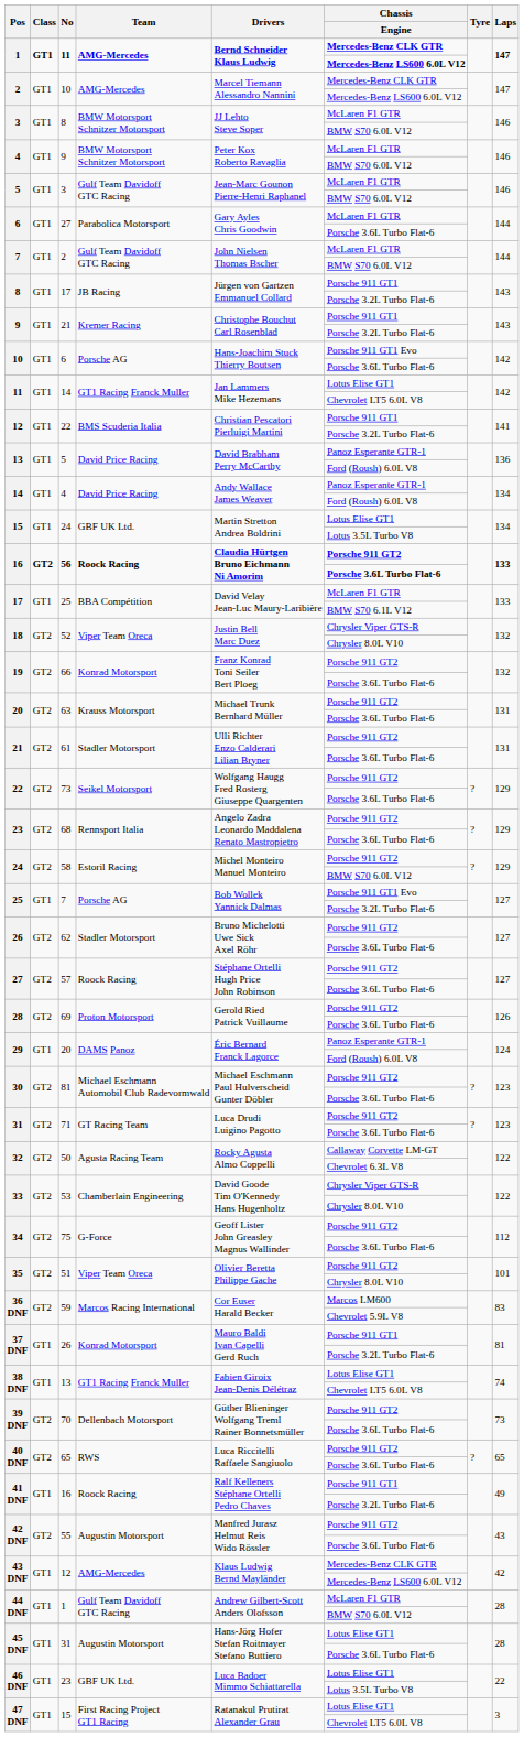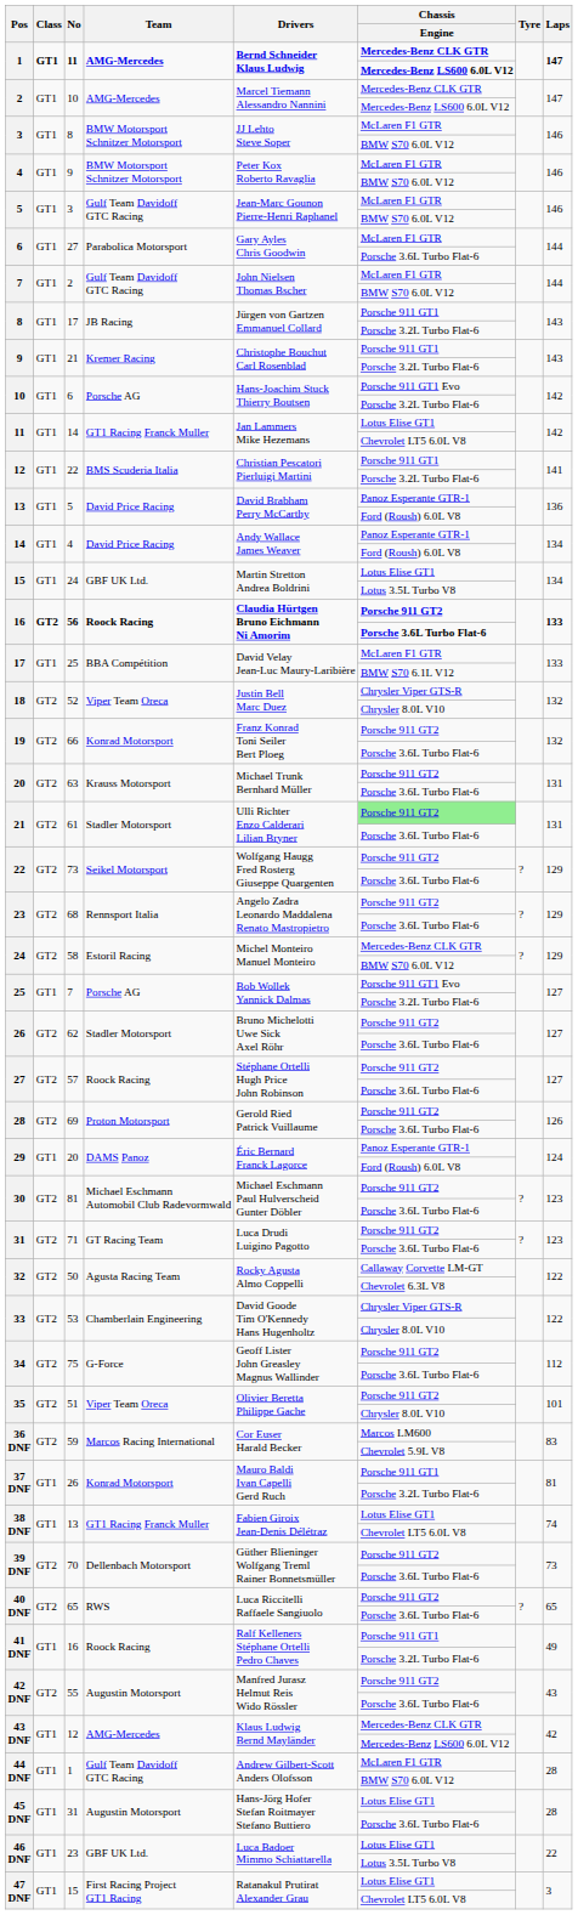 <table class="wikitable" style="font-size: 95%;">
 <tr>
 <th rowspan=2>Pos</th>
 <th rowspan=2>Class</th>
 <th rowspan=2>No</th>
 <th rowspan=2>Team</th>
 <th rowspan=2>Drivers</th>
 <th>Chassis</th>
 <th rowspan=2>Tyre</th>
 <th rowspan=2>Laps</th>
 </tr>
 <tr>
 <th>Engine</th>
 </tr>
 <tr style="font-weight:bold">
 <th rowspan=2>1</th>
 <td rowspan=2>GT1</td>
 <td rowspan=2>11</td>
 <td rowspan=2> <a href='#'>AMG-Mercedes</a></td>
 <td rowspan=2> <a href='#'>Bernd Schneider</a><br> <a href='#'>Klaus Ludwig</a></td>
 <td><a href='#'>Mercedes-Benz CLK GTR</a></td>
 <td rowspan=2></td>
 <td rowspan=2>147</td>
 </tr>
 <tr style="font-weight:bold">
 <td><a href='#'>Mercedes-Benz</a> <a href='#'>LS600</a> 6.0L V12</td>
 </tr>
 <tr>
 <th rowspan=2>2</th>
 <td rowspan=2>GT1</td>
 <td rowspan=2>10</td>
 <td rowspan=2> <a href='#'>AMG-Mercedes</a></td>
 <td rowspan=2> <a href='#'>Marcel Tiemann</a><br> <a href='#'>Alessandro Nannini</a></td>
 <td><a href='#'>Mercedes-Benz CLK GTR</a></td>
 <td rowspan=2></td>
 <td rowspan=2>147</td>
 </tr>
 <tr>
 <td><a href='#'>Mercedes-Benz</a> <a href='#'>LS600</a> 6.0L V12</td>
 </tr>
 <tr>
 <th rowspan=2>3</th>
 <td rowspan=2>GT1</td>
 <td rowspan=2>8</td>
 <td rowspan=2> <a href='#'>BMW Motorsport</a><br> <a href='#'>Schnitzer Motorsport</a></td>
 <td rowspan=2> <a href='#'>JJ Lehto</a><br> <a href='#'>Steve Soper</a></td>
 <td><a href='#'>McLaren F1 GTR</a></td>
 <td rowspan=2></td>
 <td rowspan=2>146</td>
 </tr>
 <tr>
 <td><a href='#'>BMW</a> <a href='#'>S70</a> 6.0L V12</td>
 </tr>
 <tr>
 <th rowspan=2>4</th>
 <td rowspan=2>GT1</td>
 <td rowspan=2>9</td>
 <td rowspan=2> <a href='#'>BMW Motorsport</a><br> <a href='#'>Schnitzer Motorsport</a></td>
 <td rowspan=2> <a href='#'>Peter Kox</a><br> <a href='#'>Roberto Ravaglia</a></td>
 <td><a href='#'>McLaren F1 GTR</a></td>
 <td rowspan=2></td>
 <td rowspan=2>146</td>
 </tr>
 <tr>
 <td><a href='#'>BMW</a> <a href='#'>S70</a> 6.0L V12</td>
 </tr>
 <tr>
 <th rowspan=2>5</th>
 <td rowspan=2>GT1</td>
 <td rowspan=2>3</td>
 <td rowspan=2> <a href='#'>Gulf</a> Team <a href='#'>Davidoff</a><br> GTC Racing</td>
 <td rowspan=2> <a href='#'>Jean-Marc Gounon</a><br> <a href='#'>Pierre-Henri Raphanel</a></td>
 <td><a href='#'>McLaren F1 GTR</a></td>
 <td rowspan=2></td>
 <td rowspan=2>146</td>
 </tr>
 <tr>
 <td><a href='#'>BMW</a> <a href='#'>S70</a> 6.0L V12</td>
 </tr>
 <tr>
 <th rowspan=2>6</th>
 <td rowspan=2>GT1</td>
 <td rowspan=2>27</td>
 <td rowspan=2> Parabolica Motorsport</td>
 <td rowspan=2> <a href='#'>Gary Ayles</a><br> <a href='#'>Chris Goodwin</a></td>
 <td><a href='#'>McLaren F1 GTR</a></td>
 <td rowspan=2></td>
 <td rowspan=2>144</td>
 </tr>
 <tr>
 <td><a href='#'>Porsche</a> 3.6L Turbo Flat-6</td>
 </tr>
 <tr>
 <th rowspan=2>7</th>
 <td rowspan=2>GT1</td>
 <td rowspan=2>2</td>
 <td rowspan=2> <a href='#'>Gulf</a> Team <a href='#'>Davidoff</a><br> GTC Racing</td>
 <td rowspan=2> <a href='#'>John Nielsen</a><br> <a href='#'>Thomas Bscher</a></td>
 <td><a href='#'>McLaren F1 GTR</a></td>
 <td rowspan=2></td>
 <td rowspan=2>144</td>
 </tr>
 <tr>
 <td><a href='#'>BMW</a> <a href='#'>S70</a> 6.0L V12</td>
 </tr>
 <tr>
 <th rowspan=2>8</th>
 <td rowspan=2>GT1</td>
 <td rowspan=2>17</td>
 <td rowspan=2> JB Racing</td>
 <td rowspan=2> Jürgen von Gartzen<br> <a href='#'>Emmanuel Collard</a></td>
 <td><a href='#'>Porsche 911 GT1</a></td>
 <td rowspan=2></td>
 <td rowspan=2>143</td>
 </tr>
 <tr>
 <td><a href='#'>Porsche</a> 3.2L Turbo Flat-6</td>
 </tr>
 <tr>
 <th rowspan=2>9</th>
 <td rowspan=2>GT1</td>
 <td rowspan=2>21</td>
 <td rowspan=2> <a href='#'>Kremer Racing</a></td>
 <td rowspan=2> <a href='#'>Christophe Bouchut</a><br> <a href='#'>Carl Rosenblad</a></td>
 <td><a href='#'>Porsche 911 GT1</a></td>
 <td rowspan=2></td>
 <td rowspan=2>143</td>
 </tr>
 <tr>
 <td><a href='#'>Porsche</a> 3.2L Turbo Flat-6</td>
 </tr>
 <tr>
 <th rowspan=2>10</th>
 <td rowspan=2>GT1</td>
 <td rowspan=2>6</td>
 <td rowspan=2> <a href='#'>Porsche</a> AG</td>
 <td rowspan=2> <a href='#'>Hans-Joachim Stuck</a><br> <a href='#'>Thierry Boutsen</a></td>
 <td><a href='#'>Porsche 911 GT1</a> Evo</td>
 <td rowspan=2></td>
 <td rowspan=2>142</td>
 </tr>
 <tr>
-<td><a href='#'>Porsche</a> 3.6L Turbo Flat-6</td>
+<td><a href='#'>Porsche</a> 3.2L Turbo Flat-6</td>
 </tr>
 <tr>
 <th rowspan=2>11</th>
 <td rowspan=2>GT1</td>
 <td rowspan=2>14</td>
 <td rowspan=2> <a href='#'>GT1 Racing</a> <a href='#'>Franck Muller</a></td>
 <td rowspan=2> <a href='#'>Jan Lammers</a><br> Mike Hezemans</td>
 <td><a href='#'>Lotus Elise GT1</a></td>
 <td rowspan=2></td>
 <td rowspan=2>142</td>
 </tr>
 <tr>
 <td><a href='#'>Chevrolet</a> LT5 6.0L V8</td>
 </tr>
 <tr>
 <th rowspan=2>12</th>
 <td rowspan=2>GT1</td>
 <td rowspan=2>22</td>
 <td rowspan=2> <a href='#'>BMS Scuderia Italia</a></td>
 <td rowspan=2> <a href='#'>Christian Pescatori</a><br> <a href='#'>Pierluigi Martini</a></td>
 <td><a href='#'>Porsche 911 GT1</a></td>
 <td rowspan=2></td>
 <td rowspan=2>141</td>
 </tr>
 <tr>
 <td><a href='#'>Porsche</a> 3.2L Turbo Flat-6</td>
 </tr>
 <tr>
 <th rowspan=2>13</th>
 <td rowspan=2>GT1</td>
 <td rowspan=2>5</td>
 <td rowspan=2> <a href='#'>David Price Racing</a></td>
 <td rowspan=2> <a href='#'>David Brabham</a><br> <a href='#'>Perry McCarthy</a></td>
 <td><a href='#'>Panoz Esperante GTR-1</a></td>
 <td rowspan=2></td>
 <td rowspan=2>136</td>
 </tr>
 <tr>
 <td><a href='#'>Ford</a> (<a href='#'>Roush</a>) 6.0L V8</td>
 </tr>
 <tr>
 <th rowspan=2>14</th>
 <td rowspan=2>GT1</td>
 <td rowspan=2>4</td>
 <td rowspan=2> <a href='#'>David Price Racing</a></td>
 <td rowspan=2> <a href='#'>Andy Wallace</a><br> <a href='#'>James Weaver</a></td>
 <td><a href='#'>Panoz Esperante GTR-1</a></td>
 <td rowspan=2></td>
 <td rowspan=2>134</td>
 </tr>
 <tr>
 <td><a href='#'>Ford</a> (<a href='#'>Roush</a>) 6.0L V8</td>
 </tr>
 <tr>
 <th rowspan=2>15</th>
 <td rowspan=2>GT1</td>
 <td rowspan=2>24</td>
 <td rowspan=2> GBF UK Ltd.</td>
 <td rowspan=2> Martin Stretton<br> Andrea Boldrini</td>
 <td><a href='#'>Lotus Elise GT1</a></td>
 <td rowspan=2></td>
 <td rowspan=2>134</td>
 </tr>
 <tr>
 <td><a href='#'>Lotus</a> 3.5L Turbo V8</td>
 </tr>
 <tr style="font-weight:bold">
 <th rowspan=2>16</th>
 <td rowspan=2>GT2</td>
 <td rowspan=2>56</td>
 <td rowspan=2> Roock Racing</td>
 <td rowspan=2> <a href='#'>Claudia Hürtgen</a><br> Bruno Eichmann<br> <a href='#'>Ni Amorim</a></td>
 <td><a href='#'>Porsche 911 GT2</a></td>
 <td rowspan=2></td>
 <td rowspan=2>133</td>
 </tr>
 <tr style="font-weight:bold">
 <td><a href='#'>Porsche</a> 3.6L Turbo Flat-6</td>
 </tr>
 <tr>
 <th rowspan=2>17</th>
 <td rowspan=2>GT1</td>
 <td rowspan=2>25</td>
 <td rowspan=2> BBA Compétition</td>
 <td rowspan=2> David Velay<br> Jean-Luc Maury-Laribière</td>
 <td><a href='#'>McLaren F1 GTR</a></td>
 <td rowspan=2></td>
 <td rowspan=2>133</td>
 </tr>
 <tr>
 <td><a href='#'>BMW</a> <a href='#'>S70</a> 6.1L V12</td>
 </tr>
 <tr>
 <th rowspan=2>18</th>
 <td rowspan=2>GT2</td>
 <td rowspan=2>52</td>
 <td rowspan=2> <a href='#'>Viper</a> Team <a href='#'>Oreca</a></td>
 <td rowspan=2> <a href='#'>Justin Bell</a><br> <a href='#'>Marc Duez</a></td>
 <td><a href='#'>Chrysler Viper GTS-R</a></td>
 <td rowspan=2></td>
 <td rowspan=2>132</td>
 </tr>
 <tr>
 <td><a href='#'>Chrysler</a> 8.0L V10</td>
 </tr>
 <tr>
 <th rowspan=2>19</th>
 <td rowspan=2>GT2</td>
 <td rowspan=2>66</td>
 <td rowspan=2> <a href='#'>Konrad Motorsport</a></td>
 <td rowspan=2> <a href='#'>Franz Konrad</a><br> Toni Seiler<br> Bert Ploeg</td>
 <td><a href='#'>Porsche 911 GT2</a></td>
 <td rowspan=2></td>
 <td rowspan=2>132</td>
 </tr>
 <tr>
 <td><a href='#'>Porsche</a> 3.6L Turbo Flat-6</td>
 </tr>
 <tr>
 <th rowspan=2>20</th>
 <td rowspan=2>GT2</td>
 <td rowspan=2>63</td>
 <td rowspan=2> Krauss Motorsport</td>
 <td rowspan=2> Michael Trunk<br> Bernhard Müller</td>
 <td><a href='#'>Porsche 911 GT2</a></td>
 <td rowspan=2></td>
 <td rowspan=2>131</td>
 </tr>
 <tr>
 <td><a href='#'>Porsche</a> 3.6L Turbo Flat-6</td>
 </tr>
 <tr>
 <th rowspan=2>21</th>
 <td rowspan=2>GT2</td>
 <td rowspan=2>61</td>
 <td rowspan=2> Stadler Motorsport</td>
 <td rowspan=2> Ulli Richter<br> <a href='#'>Enzo Calderari</a><br> <a href='#'>Lilian Bryner</a></td>
-<td><a href='#'>Porsche 911 GT2</a></td>
+<td style="background: lightgreen;"><a href='#'>Porsche 911 GT2</a></td>
 <td rowspan=2></td>
 <td rowspan=2>131</td>
 </tr>
 <tr>
 <td><a href='#'>Porsche</a> 3.6L Turbo Flat-6</td>
 </tr>
 <tr>
 <th rowspan=2>22</th>
 <td rowspan=2>GT2</td>
 <td rowspan=2>73</td>
 <td rowspan=2> <a href='#'>Seikel Motorsport</a></td>
 <td rowspan=2> Wolfgang Haugg<br> Fred Rosterg<br> Giuseppe Quargenten</td>
 <td><a href='#'>Porsche 911 GT2</a></td>
 <td rowspan=2>?</td>
 <td rowspan=2>129</td>
 </tr>
 <tr>
 <td><a href='#'>Porsche</a> 3.6L Turbo Flat-6</td>
 </tr>
 <tr>
 <th rowspan=2>23</th>
 <td rowspan=2>GT2</td>
 <td rowspan=2>68</td>
 <td rowspan=2> Rennsport Italia</td>
 <td rowspan=2> Angelo Zadra<br> Leonardo Maddalena<br> <a href='#'>Renato Mastropietro</a></td>
 <td><a href='#'>Porsche 911 GT2</a></td>
 <td rowspan=2>?</td>
 <td rowspan=2>129</td>
 </tr>
 <tr>
 <td><a href='#'>Porsche</a> 3.6L Turbo Flat-6</td>
 </tr>
 <tr>
 <th rowspan=2>24</th>
 <td rowspan=2>GT2</td>
 <td rowspan=2>58</td>
 <td rowspan=2> Estoril Racing</td>
 <td rowspan=2> Michel Monteiro<br> Manuel Monteiro</td>
-<td><a href='#'>Porsche 911 GT2</a></td>
+<td><a href='#'>Mercedes-Benz CLK GTR</a></td>
 <td rowspan=2>?</td>
 <td rowspan=2>129</td>
 </tr>
 <tr>
 <td><a href='#'>BMW</a> <a href='#'>S70</a> 6.0L V12</td>
 </tr>
 <tr>
 <th rowspan=2>25</th>
 <td rowspan=2>GT1</td>
 <td rowspan=2>7</td>
 <td rowspan=2> <a href='#'>Porsche</a> AG</td>
 <td rowspan=2> <a href='#'>Bob Wollek</a><br> <a href='#'>Yannick Dalmas</a></td>
 <td><a href='#'>Porsche 911 GT1</a> Evo</td>
 <td rowspan=2></td>
 <td rowspan=2>127</td>
 </tr>
 <tr>
 <td><a href='#'>Porsche</a> 3.2L Turbo Flat-6</td>
 </tr>
 <tr>
 <th rowspan=2>26</th>
 <td rowspan=2>GT2</td>
 <td rowspan=2>62</td>
 <td rowspan=2> Stadler Motorsport</td>
 <td rowspan=2> Bruno Michelotti<br> Uwe Sick<br> Axel Röhr</td>
 <td><a href='#'>Porsche 911 GT2</a></td>
 <td rowspan=2></td>
 <td rowspan=2>127</td>
 </tr>
 <tr>
 <td><a href='#'>Porsche</a> 3.6L Turbo Flat-6</td>
 </tr>
 <tr>
 <th rowspan=2>27</th>
 <td rowspan=2>GT2</td>
 <td rowspan=2>57</td>
 <td rowspan=2> Roock Racing</td>
 <td rowspan=2> <a href='#'>Stéphane Ortelli</a><br> Hugh Price<br> John Robinson</td>
 <td><a href='#'>Porsche 911 GT2</a></td>
 <td rowspan=2></td>
 <td rowspan=2>127</td>
 </tr>
 <tr>
 <td><a href='#'>Porsche</a> 3.6L Turbo Flat-6</td>
 </tr>
 <tr>
 <th rowspan=2>28</th>
 <td rowspan=2>GT2</td>
 <td rowspan=2>69</td>
 <td rowspan=2> <a href='#'>Proton Motorsport</a></td>
 <td rowspan=2> Gerold Ried<br> Patrick Vuillaume</td>
 <td><a href='#'>Porsche 911 GT2</a></td>
 <td rowspan=2></td>
 <td rowspan=2>126</td>
 </tr>
 <tr>
 <td><a href='#'>Porsche</a> 3.6L Turbo Flat-6</td>
 </tr>
 <tr>
 <th rowspan=2>29</th>
 <td rowspan=2>GT1</td>
 <td rowspan=2>20</td>
 <td rowspan=2> <a href='#'>DAMS</a> <a href='#'>Panoz</a></td>
 <td rowspan=2> <a href='#'>Éric Bernard</a><br> <a href='#'>Franck Lagorce</a></td>
 <td><a href='#'>Panoz Esperante GTR-1</a></td>
 <td rowspan=2></td>
 <td rowspan=2>124</td>
 </tr>
 <tr>
 <td><a href='#'>Ford</a> (<a href='#'>Roush</a>) 6.0L V8</td>
 </tr>
 <tr>
 <th rowspan=2>30</th>
 <td rowspan=2>GT2</td>
 <td rowspan=2>81</td>
 <td rowspan=2> Michael Eschmann<br> Automobil Club Radevormwald</td>
 <td rowspan=2> Michael Eschmann<br> Paul Hulverscheid<br> Gunter Döbler</td>
 <td><a href='#'>Porsche 911 GT2</a></td>
 <td rowspan=2>?</td>
 <td rowspan=2>123</td>
 </tr>
 <tr>
 <td><a href='#'>Porsche</a> 3.6L Turbo Flat-6</td>
 </tr>
 <tr>
 <th rowspan=2>31</th>
 <td rowspan=2>GT2</td>
 <td rowspan=2>71</td>
 <td rowspan=2> GT Racing Team</td>
 <td rowspan=2> Luca Drudi<br> Luigino Pagotto</td>
 <td><a href='#'>Porsche 911 GT2</a></td>
 <td rowspan=2>?</td>
 <td rowspan=2>123</td>
 </tr>
 <tr>
 <td><a href='#'>Porsche</a> 3.6L Turbo Flat-6</td>
 </tr>
 <tr>
 <th rowspan=2>32</th>
 <td rowspan=2>GT2</td>
 <td rowspan=2>50</td>
 <td rowspan=2> Agusta Racing Team</td>
 <td rowspan=2> <a href='#'>Rocky Agusta</a><br> Almo Coppelli</td>
 <td><a href='#'>Callaway</a> <a href='#'>Corvette</a> LM-GT</td>
 <td rowspan=2></td>
 <td rowspan=2>122</td>
 </tr>
 <tr>
 <td><a href='#'>Chevrolet</a> 6.3L V8</td>
 </tr>
 <tr>
 <th rowspan=2>33</th>
 <td rowspan=2>GT2</td>
 <td rowspan=2>53</td>
 <td rowspan=2> Chamberlain Engineering</td>
 <td rowspan=2> David Goode<br> Tim O'Kennedy<br> Hans Hugenholtz</td>
 <td><a href='#'>Chrysler Viper GTS-R</a></td>
 <td rowspan=2></td>
 <td rowspan=2>122</td>
 </tr>
 <tr>
 <td><a href='#'>Chrysler</a> 8.0L V10</td>
 </tr>
 <tr>
 <th rowspan=2>34</th>
 <td rowspan=2>GT2</td>
 <td rowspan=2>75</td>
 <td rowspan=2> G-Force</td>
 <td rowspan=2> Geoff Lister<br> John Greasley<br> Magnus Wallinder</td>
 <td><a href='#'>Porsche 911 GT2</a></td>
 <td rowspan=2></td>
 <td rowspan=2>112</td>
 </tr>
 <tr>
 <td><a href='#'>Porsche</a> 3.6L Turbo Flat-6</td>
 </tr>
 <tr>
 <th rowspan=2>35</th>
 <td rowspan=2>GT2</td>
 <td rowspan=2>51</td>
 <td rowspan=2> <a href='#'>Viper</a> Team <a href='#'>Oreca</a></td>
 <td rowspan=2> <a href='#'>Olivier Beretta</a><br> <a href='#'>Philippe Gache</a></td>
 <td><a href='#'>Porsche 911 GT2</a></td>
 <td rowspan=2></td>
 <td rowspan=2>101</td>
 </tr>
 <tr>
 <td><a href='#'>Chrysler</a> 8.0L V10</td>
 </tr>
 <tr>
 <th rowspan=2>36<br>DNF</th>
 <td rowspan=2>GT2</td>
 <td rowspan=2>59</td>
 <td rowspan=2> <a href='#'>Marcos</a> Racing International</td>
 <td rowspan=2> <a href='#'>Cor Euser</a><br> Harald Becker</td>
 <td><a href='#'>Marcos</a> LM600</td>
 <td rowspan=2></td>
 <td rowspan=2>83</td>
 </tr>
 <tr>
 <td><a href='#'>Chevrolet</a> 5.9L V8</td>
 </tr>
 <tr>
 <th rowspan=2>37<br>DNF</th>
 <td rowspan=2>GT1</td>
 <td rowspan=2>26</td>
 <td rowspan=2> <a href='#'>Konrad Motorsport</a></td>
 <td rowspan=2> <a href='#'>Mauro Baldi</a><br> <a href='#'>Ivan Capelli</a><br> Gerd Ruch</td>
 <td><a href='#'>Porsche 911 GT1</a></td>
 <td rowspan=2></td>
 <td rowspan=2>81</td>
 </tr>
 <tr>
 <td><a href='#'>Porsche</a> 3.2L Turbo Flat-6</td>
 </tr>
 <tr>
 <th rowspan=2>38<br>DNF</th>
 <td rowspan=2>GT1</td>
 <td rowspan=2>13</td>
 <td rowspan=2> <a href='#'>GT1 Racing</a> <a href='#'>Franck Muller</a></td>
 <td rowspan=2> <a href='#'>Fabien Giroix</a><br> <a href='#'>Jean-Denis Délétraz</a></td>
 <td><a href='#'>Lotus Elise GT1</a></td>
 <td rowspan=2></td>
 <td rowspan=2>74</td>
 </tr>
 <tr>
 <td><a href='#'>Chevrolet</a> LT5 6.0L V8</td>
 </tr>
 <tr>
 <th rowspan=2>39<br>DNF</th>
 <td rowspan=2>GT2</td>
 <td rowspan=2>70</td>
 <td rowspan=2> Dellenbach Motorsport</td>
 <td rowspan=2> Güther Blieninger<br> Wolfgang Treml<br> Rainer Bonnetsmüller</td>
 <td><a href='#'>Porsche 911 GT2</a></td>
 <td rowspan=2></td>
 <td rowspan=2>73</td>
 </tr>
 <tr>
 <td><a href='#'>Porsche</a> 3.6L Turbo Flat-6</td>
 </tr>
 <tr>
 <th rowspan=2>40<br>DNF</th>
 <td rowspan=2>GT2</td>
 <td rowspan=2>65</td>
 <td rowspan=2> RWS</td>
 <td rowspan=2> Luca Riccitelli<br> Raffaele Sangiuolo</td>
 <td><a href='#'>Porsche 911 GT2</a></td>
 <td rowspan=2>?</td>
 <td rowspan=2>65</td>
 </tr>
 <tr>
 <td><a href='#'>Porsche</a> 3.6L Turbo Flat-6</td>
 </tr>
 <tr>
 <th rowspan=2>41<br>DNF</th>
 <td rowspan=2>GT1</td>
 <td rowspan=2>16</td>
 <td rowspan=2> Roock Racing</td>
 <td rowspan=2> <a href='#'>Ralf Kelleners</a><br> <a href='#'>Stéphane Ortelli</a><br> <a href='#'>Pedro Chaves</a></td>
 <td><a href='#'>Porsche 911 GT1</a></td>
 <td rowspan=2></td>
 <td rowspan=2>49</td>
 </tr>
 <tr>
 <td><a href='#'>Porsche</a> 3.2L Turbo Flat-6</td>
 </tr>
 <tr>
 <th rowspan=2>42<br>DNF</th>
 <td rowspan=2>GT2</td>
 <td rowspan=2>55</td>
 <td rowspan=2> Augustin Motorsport</td>
 <td rowspan=2> Manfred Jurasz<br> Helmut Reis<br> Wido Rössler</td>
 <td><a href='#'>Porsche 911 GT2</a></td>
 <td rowspan=2></td>
 <td rowspan=2>43</td>
 </tr>
 <tr>
 <td><a href='#'>Porsche</a> 3.6L Turbo Flat-6</td>
 </tr>
 <tr>
 <th rowspan=2>43<br>DNF</th>
 <td rowspan=2>GT1</td>
 <td rowspan=2>12</td>
 <td rowspan=2> <a href='#'>AMG-Mercedes</a></td>
 <td rowspan=2> <a href='#'>Klaus Ludwig</a><br> <a href='#'>Bernd Mayländer</a></td>
 <td><a href='#'>Mercedes-Benz CLK GTR</a></td>
 <td rowspan=2></td>
 <td rowspan=2>42</td>
 </tr>
 <tr>
 <td><a href='#'>Mercedes-Benz</a> <a href='#'>LS600</a> 6.0L V12</td>
 </tr>
 <tr>
 <th rowspan=2>44<br>DNF</th>
 <td rowspan=2>GT1</td>
 <td rowspan=2>1</td>
 <td rowspan=2> <a href='#'>Gulf</a> Team <a href='#'>Davidoff</a><br> GTC Racing</td>
 <td rowspan=2> <a href='#'>Andrew Gilbert-Scott</a><br> Anders Olofsson</td>
 <td><a href='#'>McLaren F1 GTR</a></td>
 <td rowspan=2></td>
 <td rowspan=2>28</td>
 </tr>
 <tr>
 <td><a href='#'>BMW</a> <a href='#'>S70</a> 6.0L V12</td>
 </tr>
 <tr>
 <th rowspan=2>45<br>DNF</th>
 <td rowspan=2>GT1</td>
 <td rowspan=2>31</td>
 <td rowspan=2> Augustin Motorsport</td>
 <td rowspan=2> Hans-Jörg Hofer<br> Stefan Roitmayer<br> Stefano Buttiero</td>
 <td><a href='#'>Lotus Elise GT1</a></td>
 <td rowspan=2></td>
 <td rowspan=2>28</td>
 </tr>
 <tr>
 <td><a href='#'>Porsche</a> 3.6L Turbo Flat-6</td>
 </tr>
 <tr>
 <th rowspan=2>46<br>DNF</th>
 <td rowspan=2>GT1</td>
 <td rowspan=2>23</td>
 <td rowspan=2> GBF UK Ltd.</td>
 <td rowspan=2> <a href='#'>Luca Badoer</a><br> <a href='#'>Mimmo Schiattarella</a></td>
 <td><a href='#'>Lotus Elise GT1</a></td>
 <td rowspan=2></td>
 <td rowspan=2>22</td>
 </tr>
 <tr>
 <td><a href='#'>Lotus</a> 3.5L Turbo V8</td>
 </tr>
 <tr>
 <th rowspan=2>47<br>DNF</th>
 <td rowspan=2>GT1</td>
 <td rowspan=2>15</td>
 <td rowspan=2> First Racing Project<br> <a href='#'>GT1 Racing</a></td>
 <td rowspan=2> Ratanakul Prutirat<br> <a href='#'>Alexander Grau</a></td>
 <td><a href='#'>Lotus Elise GT1</a></td>
 <td rowspan=2></td>
 <td rowspan=2>3</td>
 </tr>
 <tr>
 <td><a href='#'>Chevrolet</a> LT5 6.0L V8</td>
 </tr>
 </table>
